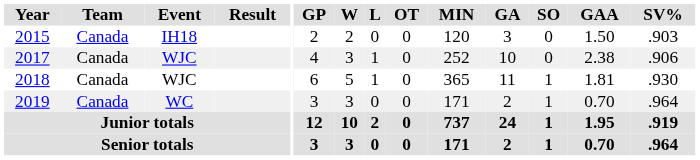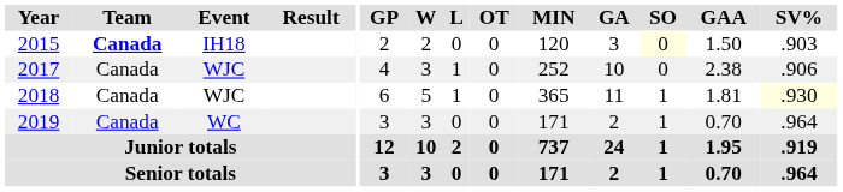 <table border="0" cellpadding="1" cellspacing="0" ID="Table3" style="text-align:center; width:40em;">
 <tr bgcolor="#e0e0e0">
 <th>Year</th>
 <th>Team</th>
 <th>Event</th>
 <th>Result</th>
 <th rowspan="99" bgcolor="#ffffff"></th>
 <th>GP</th>
 <th>W</th>
 <th>L</th>
 <th>OT</th>
 <th>MIN</th>
 <th>GA</th>
 <th>SO</th>
 <th>GAA</th>
 <th>SV%</th>
 </tr>
 <tr>
 <td><a href='#'>2015</a></td>
-<td><a href='#'>Canada</a></td>
+<td><strong><a href='#'>Canada</a></strong></td>
 <td><a href='#'>IH18</a></td>
 <td></td>
 <td>2</td>
 <td>2</td>
 <td>0</td>
 <td>0</td>
 <td>120</td>
 <td>3</td>
-<td>0</td>
+<td style="background: lightyellow;">0</td>
 <td>1.50</td>
 <td>.903</td>
 </tr>
 <tr bgcolor="#f0f0f0">
 <td><a href='#'>2017</a></td>
 <td>Canada</td>
 <td><a href='#'>WJC</a></td>
 <td></td>
 <td>4</td>
 <td>3</td>
 <td>1</td>
 <td>0</td>
 <td>252</td>
 <td>10</td>
 <td>0</td>
 <td>2.38</td>
 <td>.906</td>
 </tr>
 <tr>
 <td><a href='#'>2018</a></td>
 <td>Canada</td>
 <td>WJC</td>
 <td></td>
 <td>6</td>
 <td>5</td>
 <td>1</td>
 <td>0</td>
 <td>365</td>
 <td>11</td>
 <td>1</td>
 <td>1.81</td>
-<td>.930</td>
+<td style="background: lightyellow;">.930</td>
 </tr>
 <tr bgcolor="#f0f0f0">
 <td><a href='#'>2019</a></td>
 <td><a href='#'>Canada</a></td>
 <td><a href='#'>WC</a></td>
 <td></td>
 <td>3</td>
 <td>3</td>
 <td>0</td>
 <td>0</td>
 <td>171</td>
 <td>2</td>
 <td>1</td>
 <td>0.70</td>
 <td>.964</td>
 </tr>
 <tr bgcolor="#e0e0e0">
 <th colspan="4">Junior totals</th>
 <th>12</th>
 <th>10</th>
 <th>2</th>
 <th>0</th>
 <th>737</th>
 <th>24</th>
 <th>1</th>
 <th>1.95</th>
 <th>.919</th>
 </tr>
 <tr bgcolor="#e0e0e0">
 <th colspan="4">Senior totals</th>
 <th>3</th>
 <th>3</th>
 <th>0</th>
 <th>0</th>
 <th>171</th>
 <th>2</th>
 <th>1</th>
 <th>0.70</th>
 <th>.964</th>
 </tr>
 </table>
